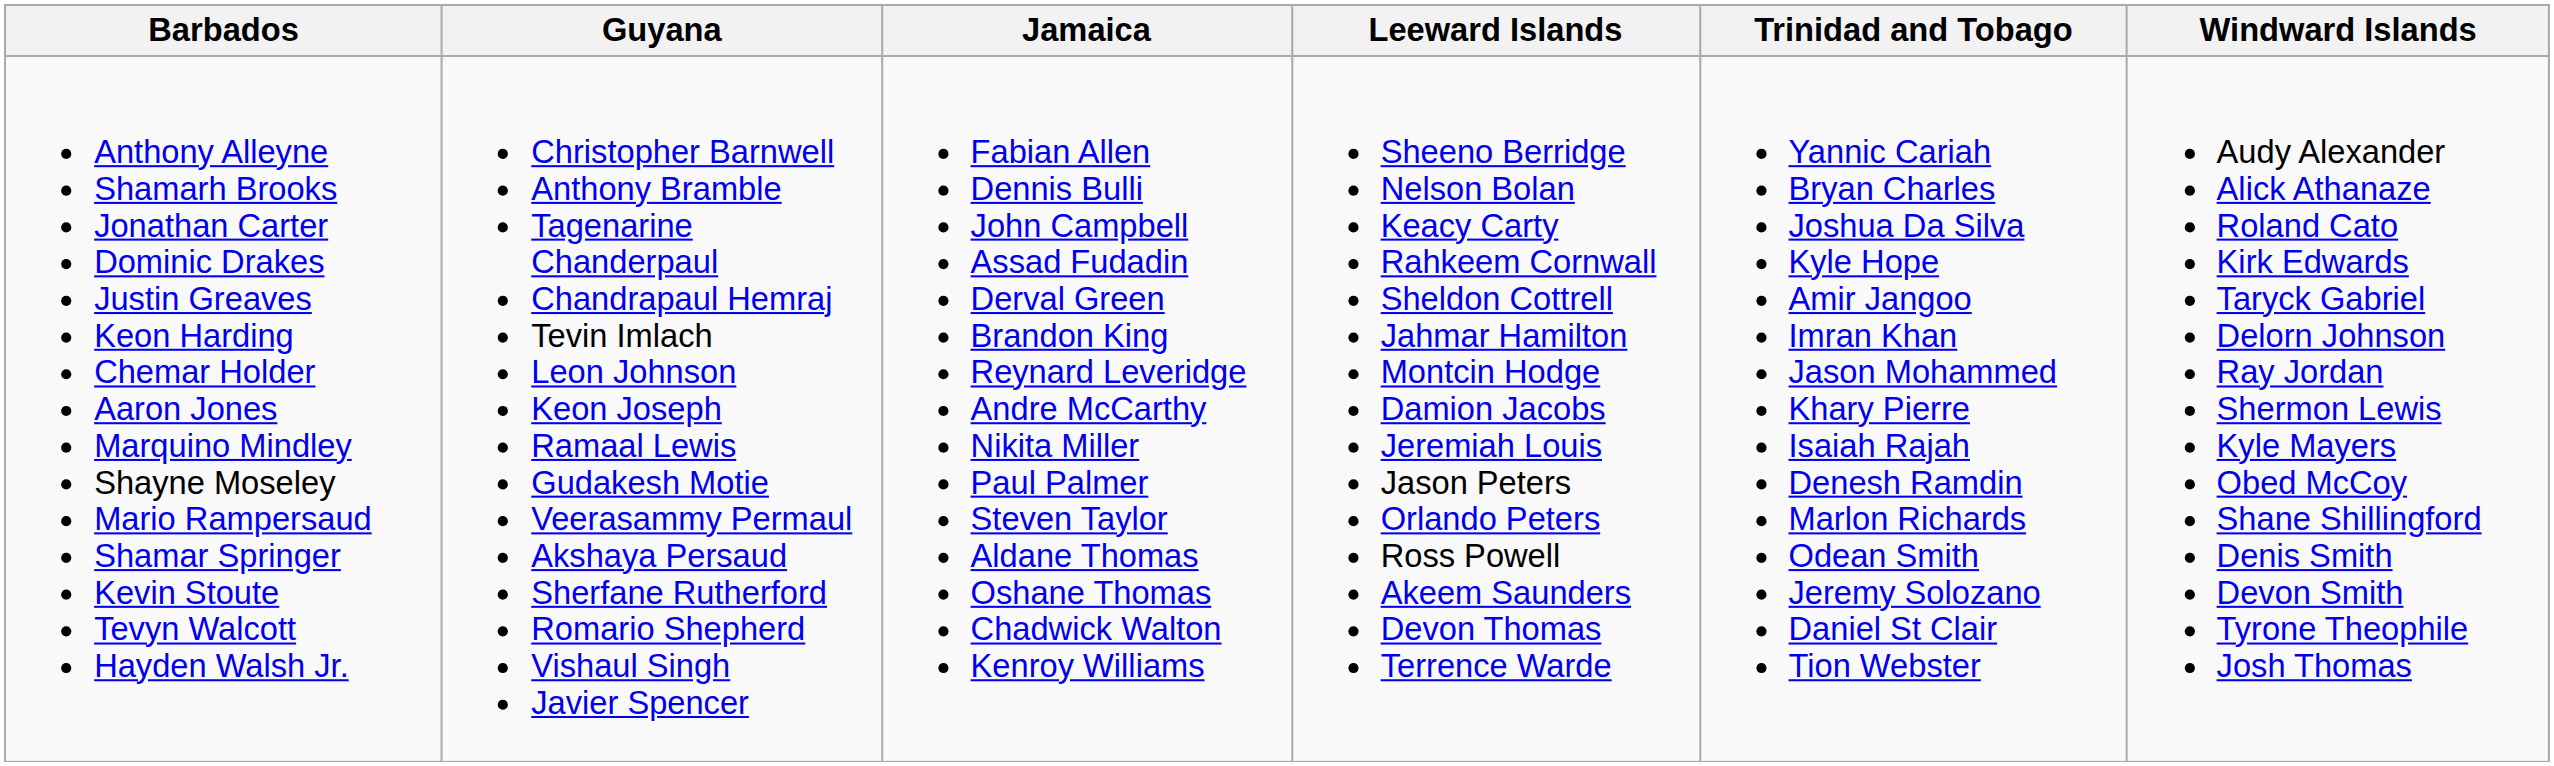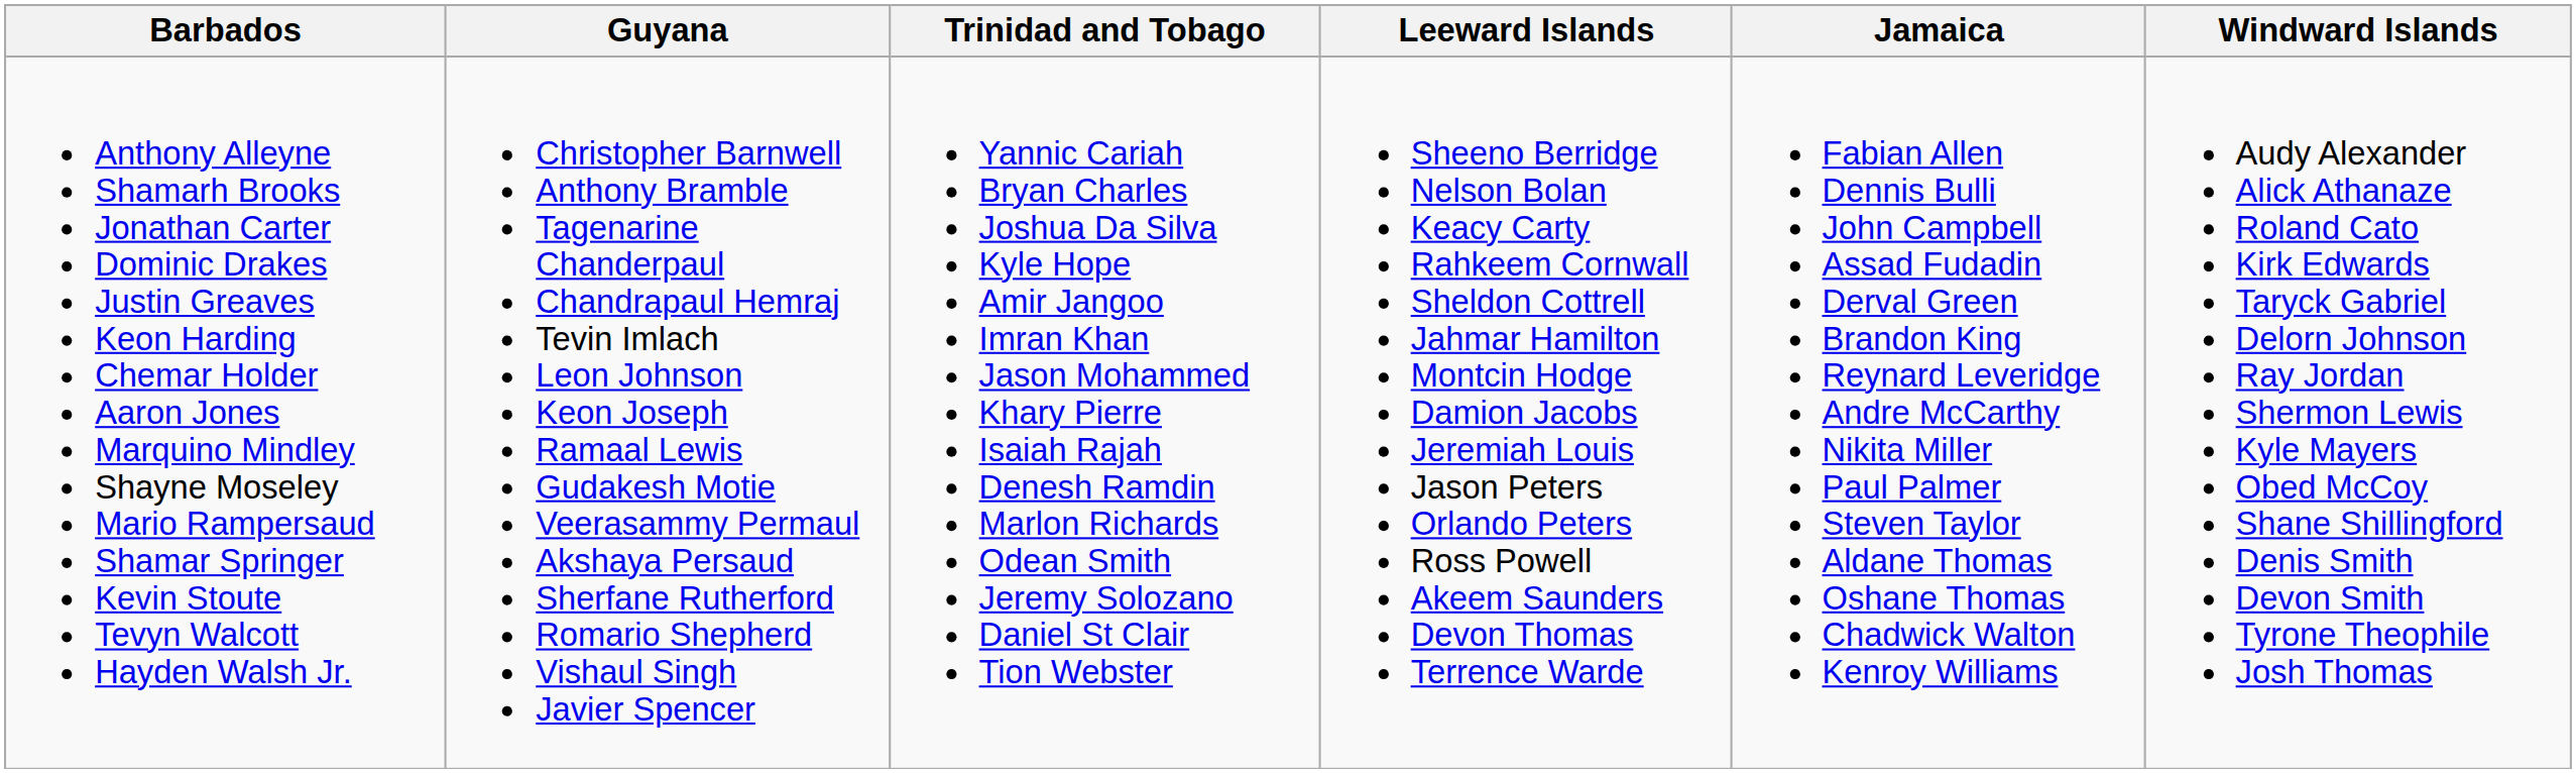 <table class="wikitable">
 <tr>
 <th width=330>Barbados</th>
 <th width=330>Guyana</th>
+<th width=330>Trinidad and Tobago</th>
+<th width=330>Leeward Islands</th>
 <th width=330>Jamaica</th>
-<th width=330>Leeward Islands</th>
-<th width=330>Trinidad and Tobago</th>
 <th width=330>Windward Islands</th>
 </tr>
 <tr>
 <td valign=top><br><ul><li><a href='#'>Anthony Alleyne</a></li><li><a href='#'>Shamarh Brooks</a></li><li><a href='#'>Jonathan Carter</a></li><li><a href='#'>Dominic Drakes</a></li><li><a href='#'>Justin Greaves</a></li><li><a href='#'>Keon Harding</a></li><li><a href='#'>Chemar Holder</a></li><li><a href='#'>Aaron Jones</a></li><li><a href='#'>Marquino Mindley</a></li><li>Shayne Moseley</li><li><a href='#'>Mario Rampersaud</a></li><li><a href='#'>Shamar Springer</a></li><li><a href='#'>Kevin Stoute</a></li><li><a href='#'>Tevyn Walcott</a></li><li><a href='#'>Hayden Walsh Jr.</a></li></ul></td>
 <td valign=top><br><ul><li><a href='#'>Christopher Barnwell</a></li><li><a href='#'>Anthony Bramble</a></li><li><a href='#'>Tagenarine Chanderpaul</a></li><li><a href='#'>Chandrapaul Hemraj</a></li><li>Tevin Imlach</li><li><a href='#'>Leon Johnson</a></li><li><a href='#'>Keon Joseph</a></li><li><a href='#'>Ramaal Lewis</a></li><li><a href='#'>Gudakesh Motie</a></li><li><a href='#'>Veerasammy Permaul</a></li><li><a href='#'>Akshaya Persaud</a></li><li><a href='#'>Sherfane Rutherford</a></li><li><a href='#'>Romario Shepherd</a></li><li><a href='#'>Vishaul Singh</a></li><li><a href='#'>Javier Spencer</a></li></ul></td>
+<td valign=top><br><ul><li><a href='#'>Yannic Cariah</a></li><li><a href='#'>Bryan Charles</a></li><li><a href='#'>Joshua Da Silva</a></li><li><a href='#'>Kyle Hope</a></li><li><a href='#'>Amir Jangoo</a></li><li><a href='#'>Imran Khan</a></li><li><a href='#'>Jason Mohammed</a></li><li><a href='#'>Khary Pierre</a></li><li><a href='#'>Isaiah Rajah</a></li><li><a href='#'>Denesh Ramdin</a></li><li><a href='#'>Marlon Richards</a></li><li><a href='#'>Odean Smith</a></li><li><a href='#'>Jeremy Solozano</a></li><li><a href='#'>Daniel St Clair</a></li><li><a href='#'>Tion Webster</a></li></ul></td>
+<td valign=top><br><ul><li><a href='#'>Sheeno Berridge</a></li><li><a href='#'>Nelson Bolan</a></li><li><a href='#'>Keacy Carty</a></li><li><a href='#'>Rahkeem Cornwall</a></li><li><a href='#'>Sheldon Cottrell</a></li><li><a href='#'>Jahmar Hamilton</a></li><li><a href='#'>Montcin Hodge</a></li><li><a href='#'>Damion Jacobs</a></li><li><a href='#'>Jeremiah Louis</a></li><li>Jason Peters</li><li><a href='#'>Orlando Peters</a></li><li>Ross Powell</li><li><a href='#'>Akeem Saunders</a></li><li><a href='#'>Devon Thomas</a></li><li><a href='#'>Terrence Warde</a></li></ul></td>
 <td valign=top><br><ul><li><a href='#'>Fabian Allen</a></li><li><a href='#'>Dennis Bulli</a></li><li><a href='#'>John Campbell</a></li><li><a href='#'>Assad Fudadin</a></li><li><a href='#'>Derval Green</a></li><li><a href='#'>Brandon King</a></li><li><a href='#'>Reynard Leveridge</a></li><li><a href='#'>Andre McCarthy</a></li><li><a href='#'>Nikita Miller</a></li><li><a href='#'>Paul Palmer</a></li><li><a href='#'>Steven Taylor</a></li><li><a href='#'>Aldane Thomas</a></li><li><a href='#'>Oshane Thomas</a></li><li><a href='#'>Chadwick Walton</a></li><li><a href='#'>Kenroy Williams</a></li></ul></td>
-<td valign=top><br><ul><li><a href='#'>Sheeno Berridge</a></li><li><a href='#'>Nelson Bolan</a></li><li><a href='#'>Keacy Carty</a></li><li><a href='#'>Rahkeem Cornwall</a></li><li><a href='#'>Sheldon Cottrell</a></li><li><a href='#'>Jahmar Hamilton</a></li><li><a href='#'>Montcin Hodge</a></li><li><a href='#'>Damion Jacobs</a></li><li><a href='#'>Jeremiah Louis</a></li><li>Jason Peters</li><li><a href='#'>Orlando Peters</a></li><li>Ross Powell</li><li><a href='#'>Akeem Saunders</a></li><li><a href='#'>Devon Thomas</a></li><li><a href='#'>Terrence Warde</a></li></ul></td>
-<td valign=top><br><ul><li><a href='#'>Yannic Cariah</a></li><li><a href='#'>Bryan Charles</a></li><li><a href='#'>Joshua Da Silva</a></li><li><a href='#'>Kyle Hope</a></li><li><a href='#'>Amir Jangoo</a></li><li><a href='#'>Imran Khan</a></li><li><a href='#'>Jason Mohammed</a></li><li><a href='#'>Khary Pierre</a></li><li><a href='#'>Isaiah Rajah</a></li><li><a href='#'>Denesh Ramdin</a></li><li><a href='#'>Marlon Richards</a></li><li><a href='#'>Odean Smith</a></li><li><a href='#'>Jeremy Solozano</a></li><li><a href='#'>Daniel St Clair</a></li><li><a href='#'>Tion Webster</a></li></ul></td>
 <td valign=top><br><ul><li>Audy Alexander</li><li><a href='#'>Alick Athanaze</a></li><li><a href='#'>Roland Cato</a></li><li><a href='#'>Kirk Edwards</a></li><li><a href='#'>Taryck Gabriel</a></li><li><a href='#'>Delorn Johnson</a></li><li><a href='#'>Ray Jordan</a></li><li><a href='#'>Shermon Lewis</a></li><li><a href='#'>Kyle Mayers</a></li><li><a href='#'>Obed McCoy</a></li><li><a href='#'>Shane Shillingford</a></li><li><a href='#'>Denis Smith</a></li><li><a href='#'>Devon Smith</a></li><li><a href='#'>Tyrone Theophile</a></li><li><a href='#'>Josh Thomas</a></li></ul></td>
 </tr>
 </table>
